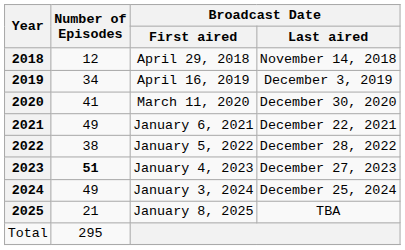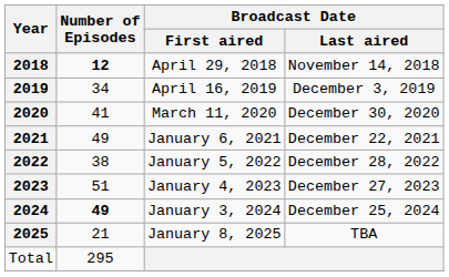 <table class=wikitable style=text-align:center>
 <tr>
 <th rowspan=2>Year</th>
 <th rowspan=2>Number of<br>Episodes</th>
 <th colspan=2>Broadcast Date</th>
 </tr>
 <tr>
 <th>First aired</th>
 <th>Last aired</th>
 </tr>
 <tr>
 <th>2018</th>
-<td>12</td>
+<td><strong>12</strong></td>
 <td>April 29, 2018</td>
 <td>November 14, 2018</td>
 </tr>
 <tr>
 <th>2019</th>
 <td>34</td>
 <td>April 16, 2019</td>
 <td>December 3, 2019</td>
 </tr>
 <tr>
 <th>2020</th>
 <td>41</td>
 <td>March 11, 2020</td>
 <td>December 30, 2020</td>
 </tr>
 <tr>
 <th>2021</th>
 <td>49</td>
 <td>January 6, 2021</td>
 <td>December 22, 2021</td>
 </tr>
 <tr>
 <th>2022</th>
 <td>38</td>
 <td>January 5, 2022</td>
 <td>December 28, 2022</td>
 </tr>
 <tr>
 <th>2023</th>
-<td><strong>51</strong></td>
+<td>51</td>
 <td>January 4, 2023</td>
 <td>December 27, 2023</td>
 </tr>
 <tr>
 <th>2024</th>
-<td>49</td>
+<td><strong>49</strong></td>
 <td>January 3, 2024</td>
 <td>December 25, 2024</td>
 </tr>
 <tr>
 <th>2025</th>
 <td>21</td>
 <td>January 8, 2025</td>
 <td>TBA</td>
 </tr>
 <tr>
 <td>Total</td>
 <td>295</td>
 <th colspan=2></th>
 </tr>
 <tr>
 </tr>
 </table>
